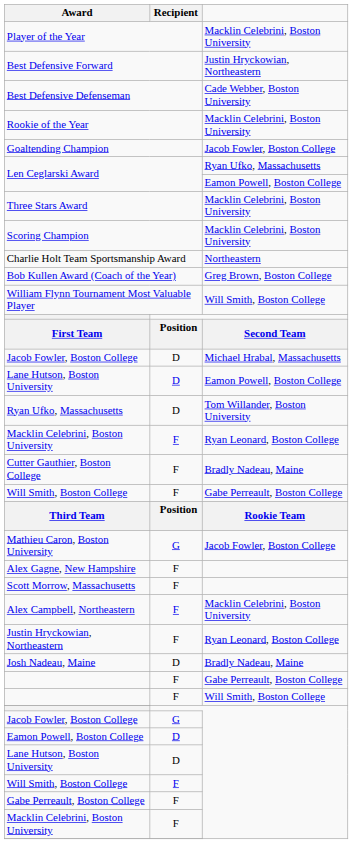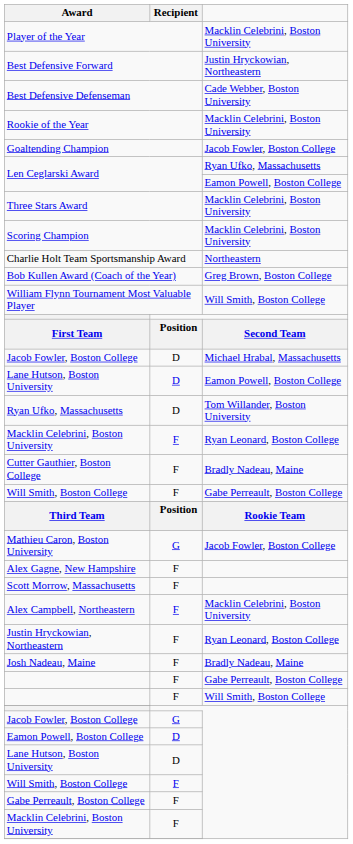 <table class="wikitable" width=40%>
 <tr>
 <th>Award</th>
 <th>Recipient</th>
 </tr>
 <tr>
 <td colspan=2><a href='#'>Player of the Year</a></td>
 <td><a href='#'>Macklin Celebrini</a>, <a href='#'>Boston University</a></td>
 </tr>
 <tr>
 <td colspan=2><a href='#'>Best Defensive Forward</a></td>
 <td><a href='#'>Justin Hryckowian</a>, <a href='#'>Northeastern</a></td>
 </tr>
 <tr>
 <td colspan=2><a href='#'>Best Defensive Defenseman</a></td>
 <td><a href='#'>Cade Webber</a>, <a href='#'>Boston University</a></td>
 </tr>
 <tr>
 <td colspan=2><a href='#'>Rookie of the Year</a></td>
 <td><a href='#'>Macklin Celebrini</a>, <a href='#'>Boston University</a></td>
 </tr>
 <tr>
 <td colspan=2><a href='#'>Goaltending Champion</a></td>
 <td><a href='#'>Jacob Fowler</a>, <a href='#'>Boston College</a></td>
 </tr>
 <tr>
 <td colspan=2; rowspan=2><a href='#'>Len Ceglarski Award</a></td>
 <td><a href='#'>Ryan Ufko</a>, <a href='#'>Massachusetts</a></td>
 </tr>
 <tr>
 <td><a href='#'>Eamon Powell</a>, <a href='#'>Boston College</a></td>
 </tr>
 <tr>
 <td colspan=2><a href='#'>Three Stars Award</a></td>
 <td><a href='#'>Macklin Celebrini</a>, <a href='#'>Boston University</a></td>
 </tr>
 <tr>
 <td colspan=2><a href='#'>Scoring Champion</a></td>
 <td><a href='#'>Macklin Celebrini</a>, <a href='#'>Boston University</a></td>
 </tr>
 <tr>
 <td colspan=2>Charlie Holt Team Sportsmanship Award</td>
 <td><a href='#'>Northeastern</a></td>
 </tr>
 <tr>
 <td colspan=2><a href='#'>Bob Kullen Award (Coach of the Year)</a></td>
 <td><a href='#'>Greg Brown</a>, <a href='#'>Boston College</a></td>
 </tr>
 <tr>
 <td colspan=2><a href='#'>William Flynn Tournament Most Valuable Player</a></td>
 <td><a href='#'>Will Smith</a>, <a href='#'>Boston College</a></td>
 </tr>
 <tr>
 <th><a href='#'></a></th>
 </tr>
 <tr>
 <th><a href='#'>First Team</a></th>
 <th>  Position  </th>
 <th><a href='#'>Second Team</a></th>
 </tr>
 <tr>
 <td><a href='#'>Jacob Fowler</a>, <a href='#'>Boston College</a></td>
 <td align=center>D</td>
 <td><a href='#'>Michael Hrabal</a>, <a href='#'>Massachusetts</a></td>
 </tr>
 <tr>
 <td><a href='#'>Lane Hutson</a>, <a href='#'>Boston University</a></td>
 <td align=center><a href='#'>D</a></td>
 <td><a href='#'>Eamon Powell</a>, <a href='#'>Boston College</a></td>
 </tr>
 <tr>
 <td><a href='#'>Ryan Ufko</a>, <a href='#'>Massachusetts</a></td>
 <td align=center>D</td>
 <td><a href='#'>Tom Willander</a>, <a href='#'>Boston University</a></td>
 </tr>
 <tr>
 <td><a href='#'>Macklin Celebrini</a>, <a href='#'>Boston University</a></td>
 <td align=center><a href='#'>F</a></td>
 <td><a href='#'>Ryan Leonard</a>, <a href='#'>Boston College</a></td>
 </tr>
 <tr>
 <td><a href='#'>Cutter Gauthier</a>, <a href='#'>Boston College</a></td>
 <td align=center>F</td>
 <td><a href='#'>Bradly Nadeau</a>, <a href='#'>Maine</a></td>
 </tr>
 <tr>
 <td><a href='#'>Will Smith</a>, <a href='#'>Boston College</a></td>
 <td align=center>F</td>
 <td><a href='#'>Gabe Perreault</a>, <a href='#'>Boston College</a></td>
 </tr>
 <tr>
 <th><a href='#'>Third Team</a></th>
 <th>  Position  </th>
 <th><a href='#'>Rookie Team</a></th>
 </tr>
 <tr>
 <td><a href='#'>Mathieu Caron</a>, <a href='#'>Boston University</a></td>
 <td align=center><a href='#'>G</a></td>
 <td><a href='#'>Jacob Fowler</a>, <a href='#'>Boston College</a></td>
 </tr>
 <tr>
 <td><a href='#'>Alex Gagne</a>, <a href='#'>New Hampshire</a></td>
 <td align=center>F</td>
 <td></td>
 </tr>
 <tr>
 <td><a href='#'>Scott Morrow</a>, <a href='#'>Massachusetts</a></td>
 <td align=center>F</td>
 <td></td>
 </tr>
 <tr>
 <td><a href='#'>Alex Campbell</a>, <a href='#'>Northeastern</a></td>
 <td align=center><a href='#'>F</a></td>
 <td><a href='#'>Macklin Celebrini</a>, <a href='#'>Boston University</a></td>
 </tr>
 <tr>
 <td><a href='#'>Justin Hryckowian</a>, <a href='#'>Northeastern</a></td>
 <td align=center>F</td>
 <td><a href='#'>Ryan Leonard</a>, <a href='#'>Boston College</a></td>
 </tr>
 <tr>
 <td><a href='#'>Josh Nadeau</a>, <a href='#'>Maine</a></td>
-<td align=center>D</td>
+<td align=center>F</td>
 <td><a href='#'>Bradly Nadeau</a>, <a href='#'>Maine</a></td>
 </tr>
 <tr>
 <td></td>
 <td align=center>F</td>
 <td><a href='#'>Gabe Perreault</a>, <a href='#'>Boston College</a></td>
 </tr>
 <tr>
 <td></td>
 <td align=center>F</td>
 <td><a href='#'>Will Smith</a>, <a href='#'>Boston College</a></td>
 </tr>
 <tr>
 </tr>
 <tr>
 <th><a href='#'></a></th>
 </tr>
 <tr>
 <td><a href='#'>Jacob Fowler</a>, <a href='#'>Boston College</a></td>
 <td align=center><a href='#'>G</a></td>
 </tr>
 <tr>
 <td><a href='#'>Eamon Powell</a>, <a href='#'>Boston College</a></td>
 <td align=center><a href='#'>D</a></td>
 </tr>
 <tr>
 <td><a href='#'>Lane Hutson</a>, <a href='#'>Boston University</a></td>
 <td align=center>D</td>
 </tr>
 <tr>
 <td><a href='#'>Will Smith</a>, <a href='#'>Boston College</a></td>
 <td align=center><a href='#'>F</a></td>
 </tr>
 <tr>
 <td><a href='#'>Gabe Perreault</a>, <a href='#'>Boston College</a></td>
 <td align=center>F</td>
 </tr>
 <tr>
 <td><a href='#'>Macklin Celebrini</a>, <a href='#'>Boston University</a></td>
 <td align=center>F</td>
 </tr>
 <tr>
 </tr>
 </table>
